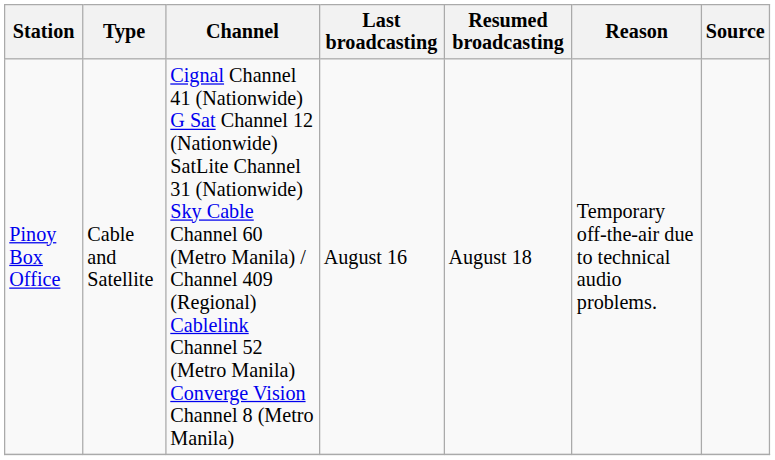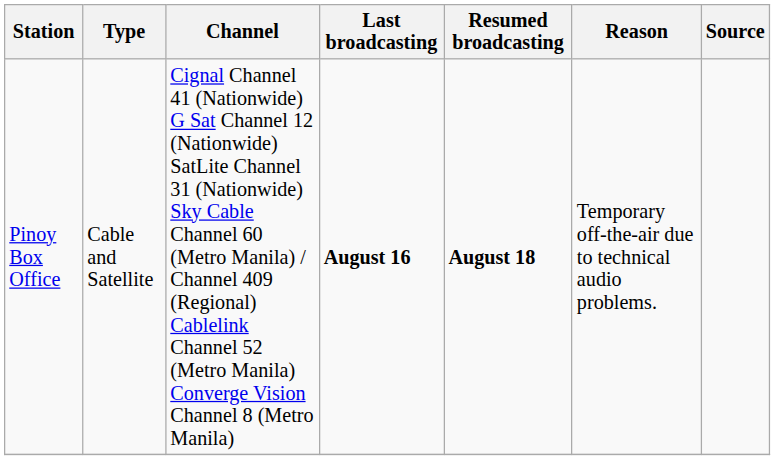 <table class="wikitable">
 <tr>
 <th>Station</th>
 <th>Type</th>
 <th>Channel</th>
 <th>Last broadcasting</th>
 <th>Resumed broadcasting</th>
 <th>Reason</th>
 <th>Source</th>
 </tr>
 <tr>
 <td><a href='#'>Pinoy Box Office</a></td>
 <td>Cable and Satellite</td>
 <td><a href='#'>Cignal</a> Channel 41 (Nationwide)<br><a href='#'>G Sat</a> Channel 12 (Nationwide)<br>SatLite Channel 31 (Nationwide)<br><a href='#'>Sky Cable</a> Channel 60 (Metro Manila) / Channel 409 (Regional)<br><a href='#'>Cablelink</a> Channel 52 (Metro Manila)<br><a href='#'>Converge Vision</a> Channel 8 (Metro Manila)</td>
-<td>August 16</td>
-<td>August 18</td>
+<td><strong>August 16</strong></td>
+<td><strong>August 18</strong></td>
 <td>Temporary off-the-air due to technical audio problems.</td>
 <td></td>
 </tr>
 <tr>
 </tr>
 </table>
